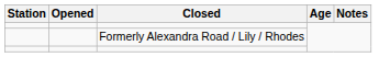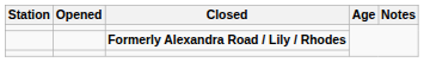 <table class="wikitable sortable mw-collapsible">
 <tr>
 <th>Station</th>
 <th>Opened</th>
 <th>Closed</th>
 <th>Age</th>
 <th scope=col class=unsortable>Notes</th>
 </tr>
 <tr>
 <td></td>
 <td></td>
 <td></td>
 </tr>
 <tr>
 <td></td>
 <td></td>
-<td>Formerly Alexandra Road / Lily / Rhodes</td>
+<td><strong>Formerly Alexandra Road / Lily / Rhodes</strong></td>
 </tr>
 <tr>
 <td></td>
 <td></td>
 <td></td>
 </tr>
 </table>
